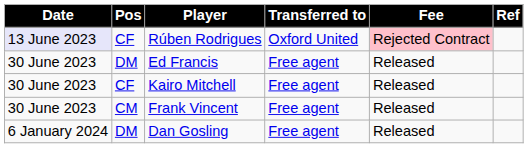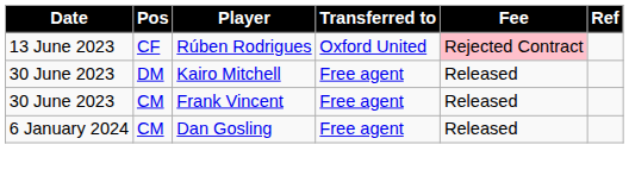 <table class="wikitable plainrowheaders sortable">
 <tr>
 <th style="background:black; color:white; ">Date</th>
 <th style="background:black; color:white; ">Pos</th>
 <th style="background:black; color:white; ">Player</th>
 <th style="background:black; color:white; ">Transferred to</th>
 <th style="background:black; color:white; ">Fee</th>
 <th style="background:black; color:white; ">Ref</th>
 </tr>
 <tr>
-<td style="background: lavender;">13 June 2023</td>
+<td>13 June 2023</td>
 <td><a href='#'>CF</a></td>
 <td> <a href='#'>Rúben Rodrigues</a></td>
 <td> <a href='#'>Oxford United</a></td>
 <td style="background: pink;">Rejected Contract</td>
 <td></td>
 </tr>
 <tr>
 <td>30 June 2023</td>
 <td><a href='#'>DM</a></td>
-<td> <a href='#'>Ed Francis</a></td>
-<td> <a href='#'>Free agent</a></td>
-<td>Released</td>
-<td></td>
-</tr>
-<tr>
-<td>30 June 2023</td>
-<td><a href='#'>CF</a></td>
 <td> <a href='#'>Kairo Mitchell</a></td>
 <td> <a href='#'>Free agent</a></td>
 <td>Released</td>
 <td></td>
 </tr>
 <tr>
 <td>30 June 2023</td>
 <td><a href='#'>CM</a></td>
 <td> <a href='#'>Frank Vincent</a></td>
 <td> <a href='#'>Free agent</a></td>
 <td>Released</td>
 <td></td>
 </tr>
 <tr>
 <td>6 January 2024</td>
-<td><a href='#'>DM</a></td>
+<td><a href='#'>CM</a></td>
 <td> <a href='#'>Dan Gosling</a></td>
 <td> <a href='#'>Free agent</a></td>
 <td>Released</td>
 <td></td>
 </tr>
 </table>
